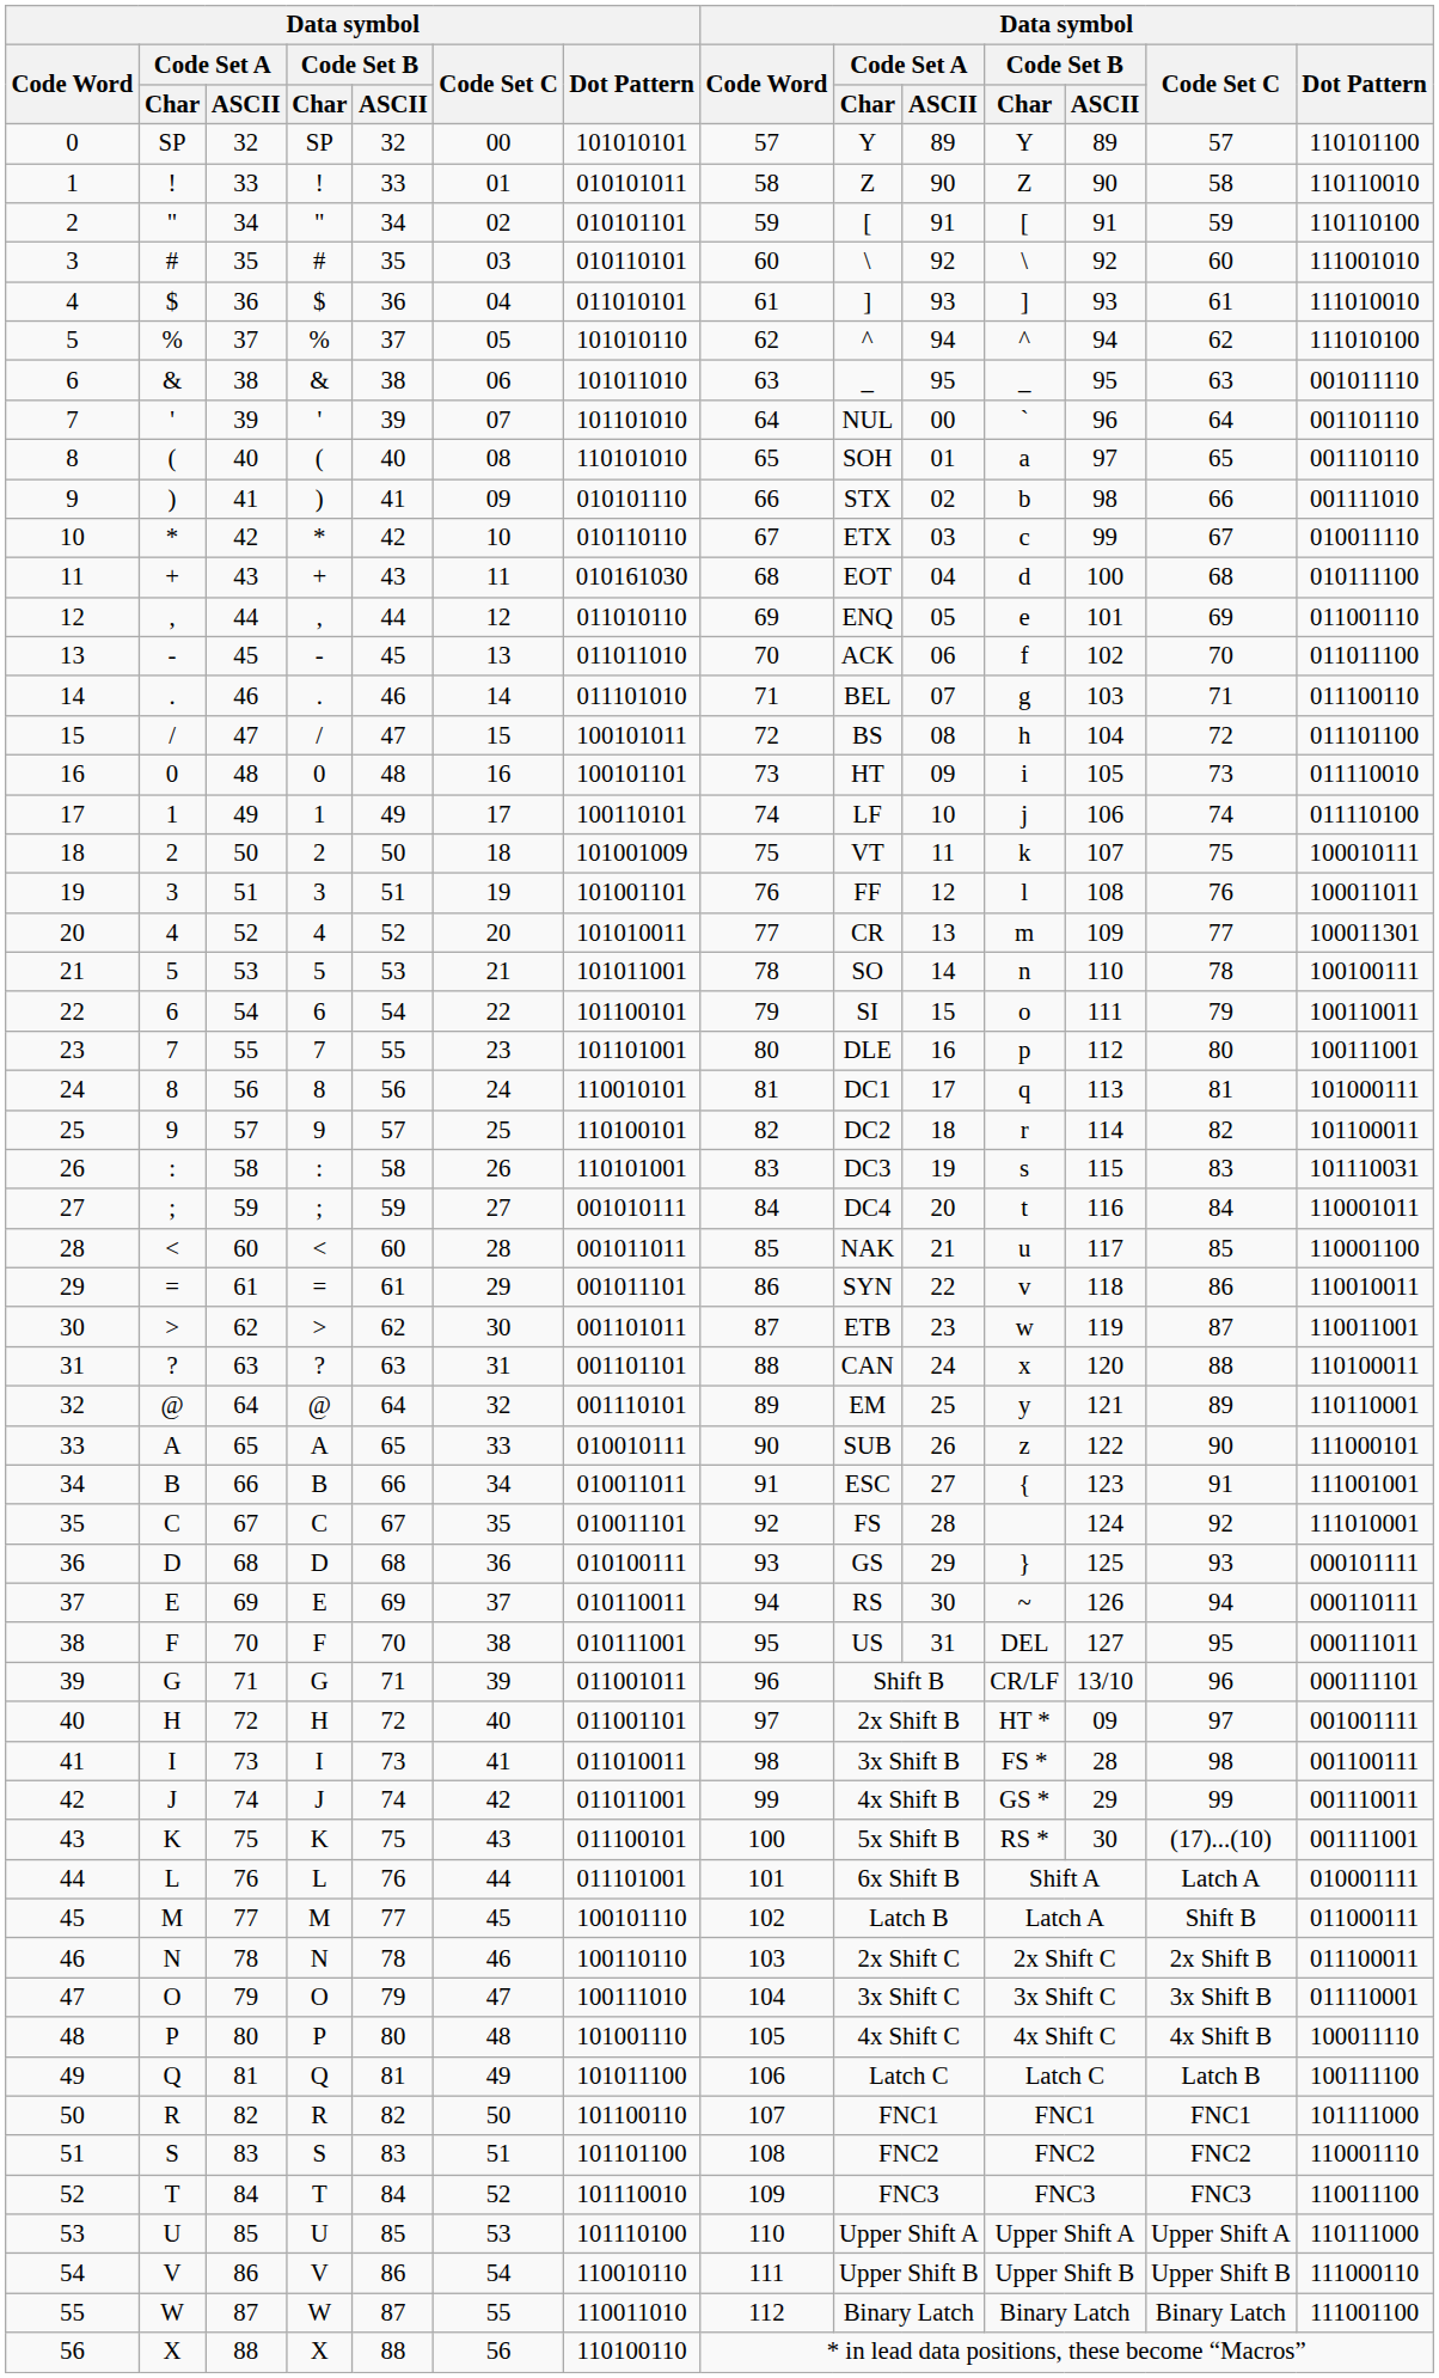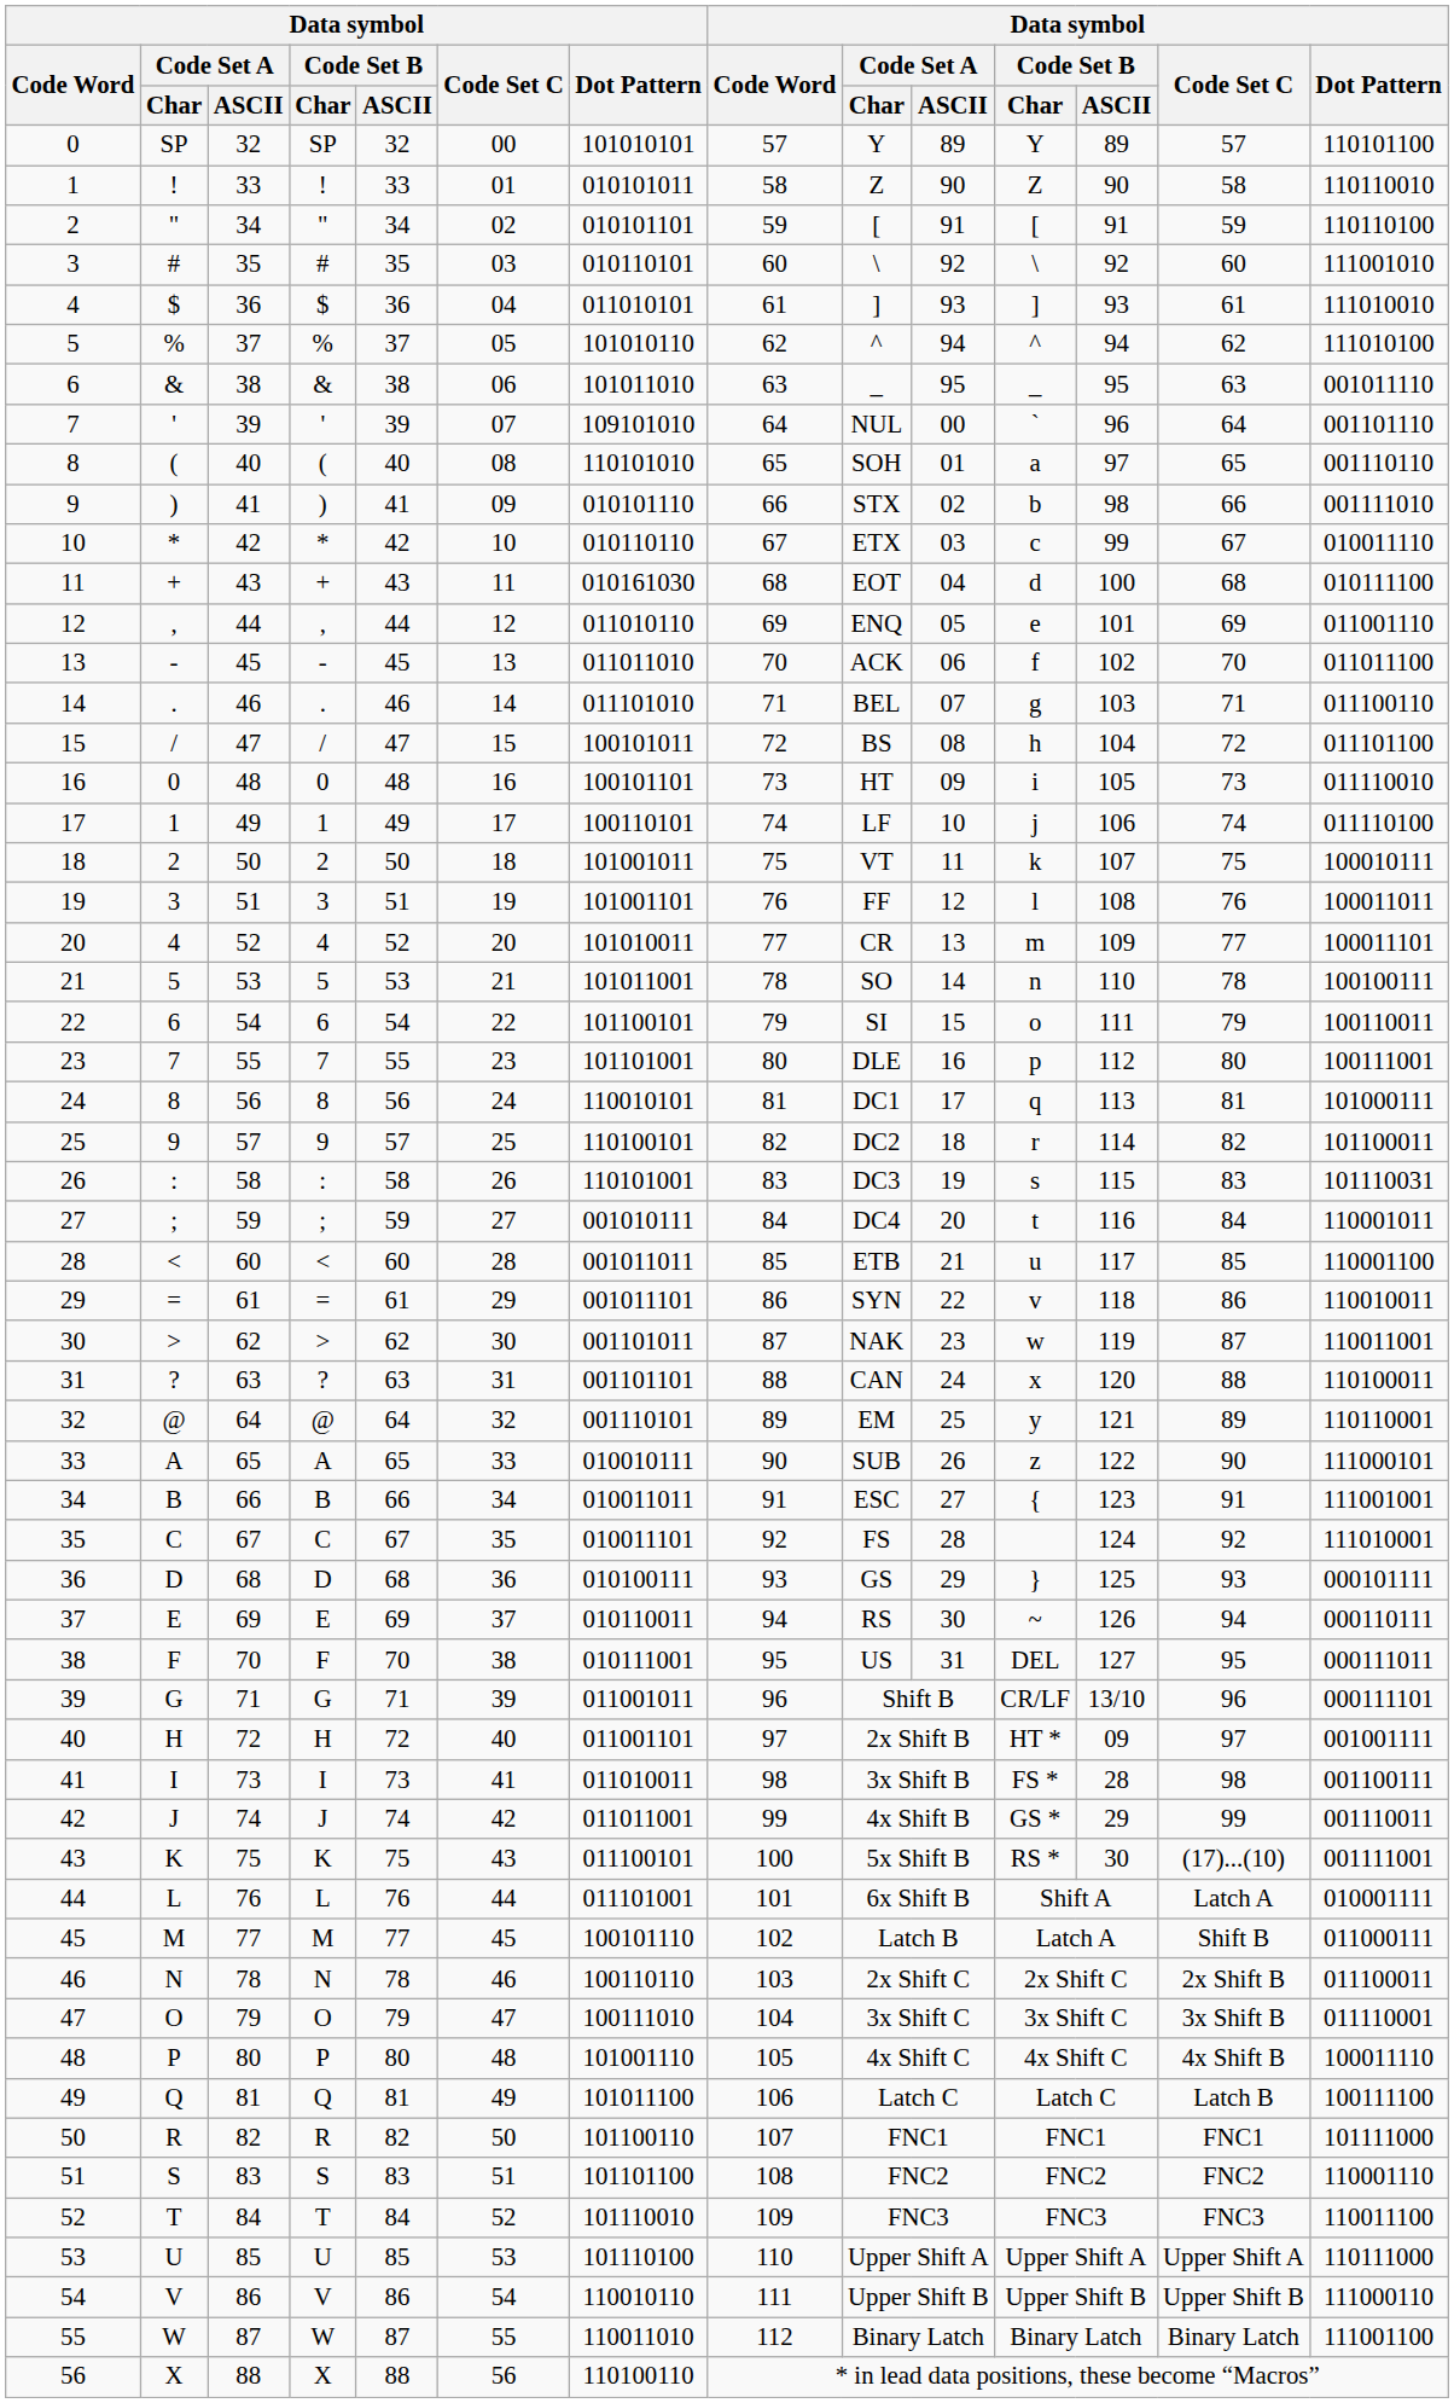 <table class="wikitable" border="1" style="text-align:center">
 <tr>
 <th colspan=7>Data symbol</th>
 <th colspan=7>Data symbol</th>
 </tr>
 <tr>
 <th rowspan=2>Code Word</th>
 <th colspan=2>Code Set A</th>
 <th colspan=2>Code Set B</th>
 <th rowspan=2>Code Set C</th>
 <th rowspan=2>Dot Pattern</th>
 <th rowspan=2>Code Word</th>
 <th colspan=2>Code Set A</th>
 <th colspan=2>Code Set B</th>
 <th rowspan=2>Code Set C</th>
 <th rowspan=2>Dot Pattern</th>
 </tr>
 <tr>
 <th>Char</th>
 <th>ASCII</th>
 <th>Char</th>
 <th>ASCII</th>
 <th>Char</th>
 <th>ASCII</th>
 <th>Char</th>
 <th>ASCII</th>
 </tr>
 <tr>
 <td>0</td>
 <td>SP</td>
 <td>32</td>
 <td>SP</td>
 <td>32</td>
 <td>00</td>
 <td>101010101</td>
 <td>57</td>
 <td>Y</td>
 <td>89</td>
 <td>Y</td>
 <td>89</td>
 <td>57</td>
 <td>110101100</td>
 </tr>
 <tr>
 <td>1</td>
 <td>!</td>
 <td>33</td>
 <td>!</td>
 <td>33</td>
 <td>01</td>
 <td>010101011</td>
 <td>58</td>
 <td>Z</td>
 <td>90</td>
 <td>Z</td>
 <td>90</td>
 <td>58</td>
 <td>110110010</td>
 </tr>
 <tr>
 <td>2</td>
 <td>"</td>
 <td>34</td>
 <td>"</td>
 <td>34</td>
 <td>02</td>
 <td>010101101</td>
 <td>59</td>
 <td>[</td>
 <td>91</td>
 <td>[</td>
 <td>91</td>
 <td>59</td>
 <td>110110100</td>
 </tr>
 <tr>
 <td>3</td>
 <td>#</td>
 <td>35</td>
 <td>#</td>
 <td>35</td>
 <td>03</td>
 <td>010110101</td>
 <td>60</td>
 <td>\</td>
 <td>92</td>
 <td>\</td>
 <td>92</td>
 <td>60</td>
 <td>111001010</td>
 </tr>
 <tr>
 <td>4</td>
 <td>$</td>
 <td>36</td>
 <td>$</td>
 <td>36</td>
 <td>04</td>
 <td>011010101</td>
 <td>61</td>
 <td>]</td>
 <td>93</td>
 <td>]</td>
 <td>93</td>
 <td>61</td>
 <td>111010010</td>
 </tr>
 <tr>
 <td>5</td>
 <td>%</td>
 <td>37</td>
 <td>%</td>
 <td>37</td>
 <td>05</td>
 <td>101010110</td>
 <td>62</td>
 <td>^</td>
 <td>94</td>
 <td>^</td>
 <td>94</td>
 <td>62</td>
 <td>111010100</td>
 </tr>
 <tr>
 <td>6</td>
 <td>&</td>
 <td>38</td>
 <td>&</td>
 <td>38</td>
 <td>06</td>
 <td>101011010</td>
 <td>63</td>
 <td>_</td>
 <td>95</td>
 <td>_</td>
 <td>95</td>
 <td>63</td>
 <td>001011110</td>
 </tr>
 <tr>
 <td>7</td>
 <td>'</td>
 <td>39</td>
 <td>'</td>
 <td>39</td>
 <td>07</td>
-<td>101101010</td>
+<td>109101010</td>
 <td>64</td>
 <td>NUL</td>
 <td>00</td>
 <td>`</td>
 <td>96</td>
 <td>64</td>
 <td>001101110</td>
 </tr>
 <tr>
 <td>8</td>
 <td>(</td>
 <td>40</td>
 <td>(</td>
 <td>40</td>
 <td>08</td>
 <td>110101010</td>
 <td>65</td>
 <td>SOH</td>
 <td>01</td>
 <td>a</td>
 <td>97</td>
 <td>65</td>
 <td>001110110</td>
 </tr>
 <tr>
 <td>9</td>
 <td>)</td>
 <td>41</td>
 <td>)</td>
 <td>41</td>
 <td>09</td>
 <td>010101110</td>
 <td>66</td>
 <td>STX</td>
 <td>02</td>
 <td>b</td>
 <td>98</td>
 <td>66</td>
 <td>001111010</td>
 </tr>
 <tr>
 <td>10</td>
 <td>*</td>
 <td>42</td>
 <td>*</td>
 <td>42</td>
 <td>10</td>
 <td>010110110</td>
 <td>67</td>
 <td>ETX</td>
 <td>03</td>
 <td>c</td>
 <td>99</td>
 <td>67</td>
 <td>010011110</td>
 </tr>
 <tr>
 <td>11</td>
 <td>+</td>
 <td>43</td>
 <td>+</td>
 <td>43</td>
 <td>11</td>
 <td>010161030</td>
 <td>68</td>
 <td>EOT</td>
 <td>04</td>
 <td>d</td>
 <td>100</td>
 <td>68</td>
 <td>010111100</td>
 </tr>
 <tr>
 <td>12</td>
 <td>,</td>
 <td>44</td>
 <td>,</td>
 <td>44</td>
 <td>12</td>
 <td>011010110</td>
 <td>69</td>
 <td>ENQ</td>
 <td>05</td>
 <td>e</td>
 <td>101</td>
 <td>69</td>
 <td>011001110</td>
 </tr>
 <tr>
 <td>13</td>
 <td>-</td>
 <td>45</td>
 <td>-</td>
 <td>45</td>
 <td>13</td>
 <td>011011010</td>
 <td>70</td>
 <td>ACK</td>
 <td>06</td>
 <td>f</td>
 <td>102</td>
 <td>70</td>
 <td>011011100</td>
 </tr>
 <tr>
 <td>14</td>
 <td>.</td>
 <td>46</td>
 <td>.</td>
 <td>46</td>
 <td>14</td>
 <td>011101010</td>
 <td>71</td>
 <td>BEL</td>
 <td>07</td>
 <td>g</td>
 <td>103</td>
 <td>71</td>
 <td>011100110</td>
 </tr>
 <tr>
 <td>15</td>
 <td>/</td>
 <td>47</td>
 <td>/</td>
 <td>47</td>
 <td>15</td>
 <td>100101011</td>
 <td>72</td>
 <td>BS</td>
 <td>08</td>
 <td>h</td>
 <td>104</td>
 <td>72</td>
 <td>011101100</td>
 </tr>
 <tr>
 <td>16</td>
 <td>0</td>
 <td>48</td>
 <td>0</td>
 <td>48</td>
 <td>16</td>
 <td>100101101</td>
 <td>73</td>
 <td>HT</td>
 <td>09</td>
 <td>i</td>
 <td>105</td>
 <td>73</td>
 <td>011110010</td>
 </tr>
 <tr>
 <td>17</td>
 <td>1</td>
 <td>49</td>
 <td>1</td>
 <td>49</td>
 <td>17</td>
 <td>100110101</td>
 <td>74</td>
 <td>LF</td>
 <td>10</td>
 <td>j</td>
 <td>106</td>
 <td>74</td>
 <td>011110100</td>
 </tr>
 <tr>
 <td>18</td>
 <td>2</td>
 <td>50</td>
 <td>2</td>
 <td>50</td>
 <td>18</td>
-<td>101001009</td>
+<td>101001011</td>
 <td>75</td>
 <td>VT</td>
 <td>11</td>
 <td>k</td>
 <td>107</td>
 <td>75</td>
 <td>100010111</td>
 </tr>
 <tr>
 <td>19</td>
 <td>3</td>
 <td>51</td>
 <td>3</td>
 <td>51</td>
 <td>19</td>
 <td>101001101</td>
 <td>76</td>
 <td>FF</td>
 <td>12</td>
 <td>l</td>
 <td>108</td>
 <td>76</td>
 <td>100011011</td>
 </tr>
 <tr>
 <td>20</td>
 <td>4</td>
 <td>52</td>
 <td>4</td>
 <td>52</td>
 <td>20</td>
 <td>101010011</td>
 <td>77</td>
 <td>CR</td>
 <td>13</td>
 <td>m</td>
 <td>109</td>
 <td>77</td>
-<td>100011301</td>
+<td>100011101</td>
 </tr>
 <tr>
 <td>21</td>
 <td>5</td>
 <td>53</td>
 <td>5</td>
 <td>53</td>
 <td>21</td>
 <td>101011001</td>
 <td>78</td>
 <td>SO</td>
 <td>14</td>
 <td>n</td>
 <td>110</td>
 <td>78</td>
 <td>100100111</td>
 </tr>
 <tr>
 <td>22</td>
 <td>6</td>
 <td>54</td>
 <td>6</td>
 <td>54</td>
 <td>22</td>
 <td>101100101</td>
 <td>79</td>
 <td>SI</td>
 <td>15</td>
 <td>o</td>
 <td>111</td>
 <td>79</td>
 <td>100110011</td>
 </tr>
 <tr>
 <td>23</td>
 <td>7</td>
 <td>55</td>
 <td>7</td>
 <td>55</td>
 <td>23</td>
 <td>101101001</td>
 <td>80</td>
 <td>DLE</td>
 <td>16</td>
 <td>p</td>
 <td>112</td>
 <td>80</td>
 <td>100111001</td>
 </tr>
 <tr>
 <td>24</td>
 <td>8</td>
 <td>56</td>
 <td>8</td>
 <td>56</td>
 <td>24</td>
 <td>110010101</td>
 <td>81</td>
 <td>DC1</td>
 <td>17</td>
 <td>q</td>
 <td>113</td>
 <td>81</td>
 <td>101000111</td>
 </tr>
 <tr>
 <td>25</td>
 <td>9</td>
 <td>57</td>
 <td>9</td>
 <td>57</td>
 <td>25</td>
 <td>110100101</td>
 <td>82</td>
 <td>DC2</td>
 <td>18</td>
 <td>r</td>
 <td>114</td>
 <td>82</td>
 <td>101100011</td>
 </tr>
 <tr>
 <td>26</td>
 <td>:</td>
 <td>58</td>
 <td>:</td>
 <td>58</td>
 <td>26</td>
 <td>110101001</td>
 <td>83</td>
 <td>DC3</td>
 <td>19</td>
 <td>s</td>
 <td>115</td>
 <td>83</td>
 <td>101110031</td>
 </tr>
 <tr>
 <td>27</td>
 <td>;</td>
 <td>59</td>
 <td>;</td>
 <td>59</td>
 <td>27</td>
 <td>001010111</td>
 <td>84</td>
 <td>DC4</td>
 <td>20</td>
 <td>t</td>
 <td>116</td>
 <td>84</td>
 <td>110001011</td>
 </tr>
 <tr>
 <td>28</td>
 <td><</td>
 <td>60</td>
 <td><</td>
 <td>60</td>
 <td>28</td>
 <td>001011011</td>
 <td>85</td>
-<td>NAK</td>
+<td>ETB</td>
 <td>21</td>
 <td>u</td>
 <td>117</td>
 <td>85</td>
 <td>110001100</td>
 </tr>
 <tr>
 <td>29</td>
 <td>=</td>
 <td>61</td>
 <td>=</td>
 <td>61</td>
 <td>29</td>
 <td>001011101</td>
 <td>86</td>
 <td>SYN</td>
 <td>22</td>
 <td>v</td>
 <td>118</td>
 <td>86</td>
 <td>110010011</td>
 </tr>
 <tr>
 <td>30</td>
 <td>></td>
 <td>62</td>
 <td>></td>
 <td>62</td>
 <td>30</td>
 <td>001101011</td>
 <td>87</td>
-<td>ETB</td>
+<td>NAK</td>
 <td>23</td>
 <td>w</td>
 <td>119</td>
 <td>87</td>
 <td>110011001</td>
 </tr>
 <tr>
 <td>31</td>
 <td>?</td>
 <td>63</td>
 <td>?</td>
 <td>63</td>
 <td>31</td>
 <td>001101101</td>
 <td>88</td>
 <td>CAN</td>
 <td>24</td>
 <td>x</td>
 <td>120</td>
 <td>88</td>
 <td>110100011</td>
 </tr>
 <tr>
 <td>32</td>
 <td>@</td>
 <td>64</td>
 <td>@</td>
 <td>64</td>
 <td>32</td>
 <td>001110101</td>
 <td>89</td>
 <td>EM</td>
 <td>25</td>
 <td>y</td>
 <td>121</td>
 <td>89</td>
 <td>110110001</td>
 </tr>
 <tr>
 <td>33</td>
 <td>A</td>
 <td>65</td>
 <td>A</td>
 <td>65</td>
 <td>33</td>
 <td>010010111</td>
 <td>90</td>
 <td>SUB</td>
 <td>26</td>
 <td>z</td>
 <td>122</td>
 <td>90</td>
 <td>111000101</td>
 </tr>
 <tr>
 <td>34</td>
 <td>B</td>
 <td>66</td>
 <td>B</td>
 <td>66</td>
 <td>34</td>
 <td>010011011</td>
 <td>91</td>
 <td>ESC</td>
 <td>27</td>
 <td>{</td>
 <td>123</td>
 <td>91</td>
 <td>111001001</td>
 </tr>
 <tr>
 <td>35</td>
 <td>C</td>
 <td>67</td>
 <td>C</td>
 <td>67</td>
 <td>35</td>
 <td>010011101</td>
 <td>92</td>
 <td>FS</td>
 <td>28</td>
 <td></td>
 <td>124</td>
 <td>92</td>
 <td>111010001</td>
 </tr>
 <tr>
 <td>36</td>
 <td>D</td>
 <td>68</td>
 <td>D</td>
 <td>68</td>
 <td>36</td>
 <td>010100111</td>
 <td>93</td>
 <td>GS</td>
 <td>29</td>
 <td>}</td>
 <td>125</td>
 <td>93</td>
 <td>000101111</td>
 </tr>
 <tr>
 <td>37</td>
 <td>E</td>
 <td>69</td>
 <td>E</td>
 <td>69</td>
 <td>37</td>
 <td>010110011</td>
 <td>94</td>
 <td>RS</td>
 <td>30</td>
 <td>~</td>
 <td>126</td>
 <td>94</td>
 <td>000110111</td>
 </tr>
 <tr>
 <td>38</td>
 <td>F</td>
 <td>70</td>
 <td>F</td>
 <td>70</td>
 <td>38</td>
 <td>010111001</td>
 <td>95</td>
 <td>US</td>
 <td>31</td>
 <td>DEL</td>
 <td>127</td>
 <td>95</td>
 <td>000111011</td>
 </tr>
 <tr>
 <td>39</td>
 <td>G</td>
 <td>71</td>
 <td>G</td>
 <td>71</td>
 <td>39</td>
 <td>011001011</td>
 <td>96</td>
 <td colspan=2>Shift B</td>
 <td>CR/LF</td>
 <td>13/10</td>
 <td>96</td>
 <td>000111101</td>
 </tr>
 <tr>
 <td>40</td>
 <td>H</td>
 <td>72</td>
 <td>H</td>
 <td>72</td>
 <td>40</td>
 <td>011001101</td>
 <td>97</td>
 <td colspan=2>2x Shift B</td>
 <td>HT *</td>
 <td>09</td>
 <td>97</td>
 <td>001001111</td>
 </tr>
 <tr>
 <td>41</td>
 <td>I</td>
 <td>73</td>
 <td>I</td>
 <td>73</td>
 <td>41</td>
 <td>011010011</td>
 <td>98</td>
 <td colspan=2>3x Shift B</td>
 <td>FS *</td>
 <td>28</td>
 <td>98</td>
 <td>001100111</td>
 </tr>
 <tr>
 <td>42</td>
 <td>J</td>
 <td>74</td>
 <td>J</td>
 <td>74</td>
 <td>42</td>
 <td>011011001</td>
 <td>99</td>
 <td colspan=2>4x Shift B</td>
 <td>GS *</td>
 <td>29</td>
 <td>99</td>
 <td>001110011</td>
 </tr>
 <tr>
 <td>43</td>
 <td>K</td>
 <td>75</td>
 <td>K</td>
 <td>75</td>
 <td>43</td>
 <td>011100101</td>
 <td>100</td>
 <td colspan=2>5x Shift B</td>
 <td>RS *</td>
 <td>30</td>
 <td>(17)...(10)</td>
 <td>001111001</td>
 </tr>
 <tr>
 <td>44</td>
 <td>L</td>
 <td>76</td>
 <td>L</td>
 <td>76</td>
 <td>44</td>
 <td>011101001</td>
 <td>101</td>
 <td colspan=2>6x Shift B</td>
 <td colspan=2>Shift A</td>
 <td>Latch A</td>
 <td>010001111</td>
 </tr>
 <tr>
 <td>45</td>
 <td>M</td>
 <td>77</td>
 <td>M</td>
 <td>77</td>
 <td>45</td>
 <td>100101110</td>
 <td>102</td>
 <td colspan=2>Latch B</td>
 <td colspan=2>Latch A</td>
 <td>Shift B</td>
 <td>011000111</td>
 </tr>
 <tr>
 <td>46</td>
 <td>N</td>
 <td>78</td>
 <td>N</td>
 <td>78</td>
 <td>46</td>
 <td>100110110</td>
 <td>103</td>
 <td colspan=2>2x Shift C</td>
 <td colspan=2>2x Shift C</td>
 <td>2x Shift B</td>
 <td>011100011</td>
 </tr>
 <tr>
 <td>47</td>
 <td>O</td>
 <td>79</td>
 <td>O</td>
 <td>79</td>
 <td>47</td>
 <td>100111010</td>
 <td>104</td>
 <td colspan=2>3x Shift C</td>
 <td colspan=2>3x Shift C</td>
 <td>3x Shift B</td>
 <td>011110001</td>
 </tr>
 <tr>
 <td>48</td>
 <td>P</td>
 <td>80</td>
 <td>P</td>
 <td>80</td>
 <td>48</td>
 <td>101001110</td>
 <td>105</td>
 <td colspan=2>4x Shift C</td>
 <td colspan=2>4x Shift C</td>
 <td>4x Shift B</td>
 <td>100011110</td>
 </tr>
 <tr>
 <td>49</td>
 <td>Q</td>
 <td>81</td>
 <td>Q</td>
 <td>81</td>
 <td>49</td>
 <td>101011100</td>
 <td>106</td>
 <td colspan=2>Latch C</td>
 <td colspan=2>Latch C</td>
 <td>Latch B</td>
 <td>100111100</td>
 </tr>
 <tr>
 <td>50</td>
 <td>R</td>
 <td>82</td>
 <td>R</td>
 <td>82</td>
 <td>50</td>
 <td>101100110</td>
 <td>107</td>
 <td colspan=2>FNC1</td>
 <td colspan=2>FNC1</td>
 <td>FNC1</td>
 <td>101111000</td>
 </tr>
 <tr>
 <td>51</td>
 <td>S</td>
 <td>83</td>
 <td>S</td>
 <td>83</td>
 <td>51</td>
 <td>101101100</td>
 <td>108</td>
 <td colspan=2>FNC2</td>
 <td colspan=2>FNC2</td>
 <td>FNC2</td>
 <td>110001110</td>
 </tr>
 <tr>
 <td>52</td>
 <td>T</td>
 <td>84</td>
 <td>T</td>
 <td>84</td>
 <td>52</td>
 <td>101110010</td>
 <td>109</td>
 <td colspan=2>FNC3</td>
 <td colspan=2>FNC3</td>
 <td>FNC3</td>
 <td>110011100</td>
 </tr>
 <tr>
 <td>53</td>
 <td>U</td>
 <td>85</td>
 <td>U</td>
 <td>85</td>
 <td>53</td>
 <td>101110100</td>
 <td>110</td>
 <td colspan=2>Upper Shift A</td>
 <td colspan=2>Upper Shift A</td>
 <td>Upper Shift A</td>
 <td>110111000</td>
 </tr>
 <tr>
 <td>54</td>
 <td>V</td>
 <td>86</td>
 <td>V</td>
 <td>86</td>
 <td>54</td>
 <td>110010110</td>
 <td>111</td>
 <td colspan=2>Upper Shift B</td>
 <td colspan=2>Upper Shift B</td>
 <td>Upper Shift B</td>
 <td>111000110</td>
 </tr>
 <tr>
 <td>55</td>
 <td>W</td>
 <td>87</td>
 <td>W</td>
 <td>87</td>
 <td>55</td>
 <td>110011010</td>
 <td>112</td>
 <td colspan=2>Binary Latch</td>
 <td colspan=2>Binary Latch</td>
 <td>Binary Latch</td>
 <td>111001100</td>
 </tr>
 <tr>
 <td>56</td>
 <td>X</td>
 <td>88</td>
 <td>X</td>
 <td>88</td>
 <td>56</td>
 <td>110100110</td>
 <td colspan=7>* in lead data positions, these become “Macros”</td>
 </tr>
 </table>
